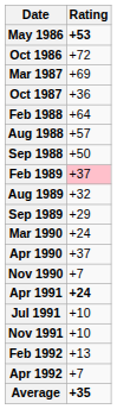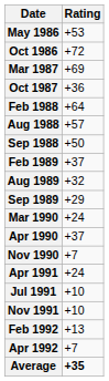 <table class="wikitable sortable plainrowheaders">
 <tr>
 <th scope="col" class="unsortable">Date</th>
 <th scope="col">Rating</th>
 </tr>
 <tr>
 <th scope="row">May 1986</th>
-<td><strong>+53</strong></td>
+<td>+53</td>
 </tr>
 <tr>
 <th scope="row">Oct 1986</th>
 <td>+72</td>
 </tr>
 <tr>
 <th scope="row">Mar 1987</th>
 <td>+69</td>
 </tr>
 <tr>
 <th scope="row">Oct 1987</th>
 <td>+36</td>
 </tr>
 <tr>
 <th scope="row">Feb 1988</th>
 <td>+64</td>
 </tr>
 <tr>
 <th scope="row">Aug 1988</th>
 <td>+57</td>
 </tr>
 <tr>
 <th scope="row">Sep 1988</th>
 <td>+50</td>
 </tr>
 <tr>
 <th scope="row">Feb 1989</th>
-<td style="background: pink;">+37</td>
+<td>+37</td>
 </tr>
 <tr>
 <th scope="row">Aug 1989</th>
 <td>+32</td>
 </tr>
 <tr>
 <th scope="row">Sep 1989</th>
 <td>+29</td>
 </tr>
 <tr>
 <th scope="row">Mar 1990</th>
 <td>+24</td>
 </tr>
 <tr>
 <th scope="row">Apr 1990</th>
 <td>+37</td>
 </tr>
 <tr>
 <th scope="row">Nov 1990</th>
 <td>+7</td>
 </tr>
 <tr>
 <th scope="row">Apr 1991</th>
-<td><strong>+24</strong></td>
+<td>+24</td>
 </tr>
 <tr>
 <th scope="row">Jul 1991</th>
 <td>+10</td>
 </tr>
 <tr>
 <th scope="row">Nov 1991</th>
 <td>+10</td>
 </tr>
 <tr>
 <th scope="row">Feb 1992</th>
 <td>+13</td>
 </tr>
 <tr>
 <th scope="row">Apr 1992</th>
 <td>+7</td>
 </tr>
 <tr class="sortbottom">
 <th scope="row"><strong>Average</strong></th>
 <td><strong>+35</strong></td>
 </tr>
 </table>
